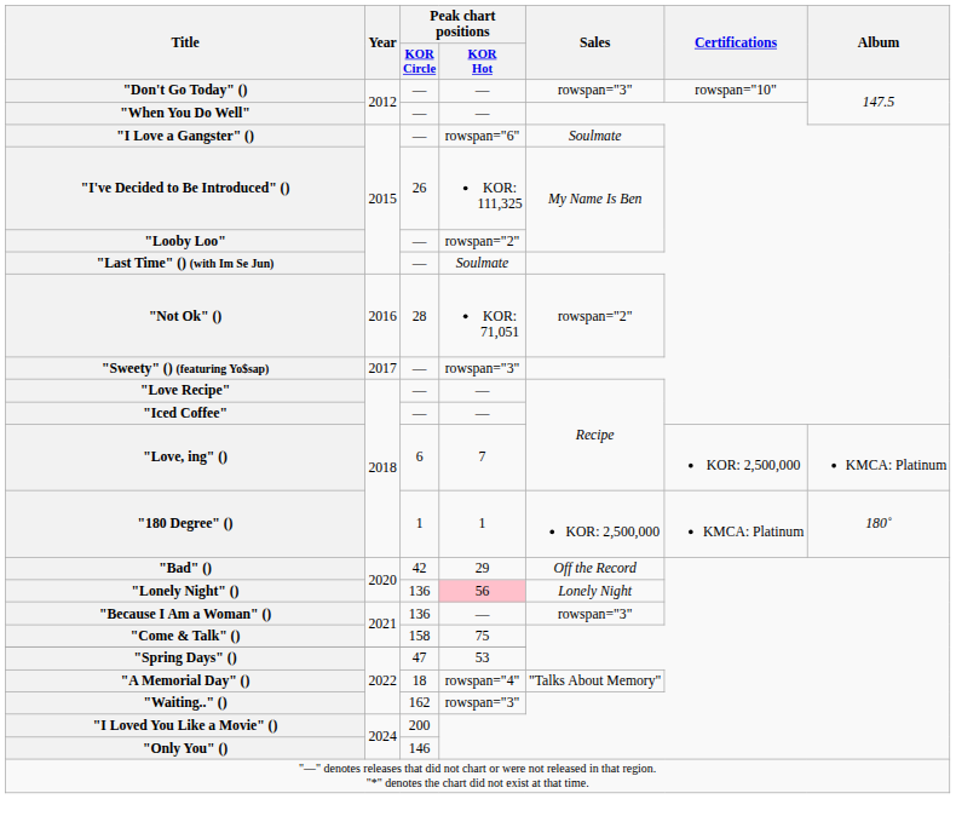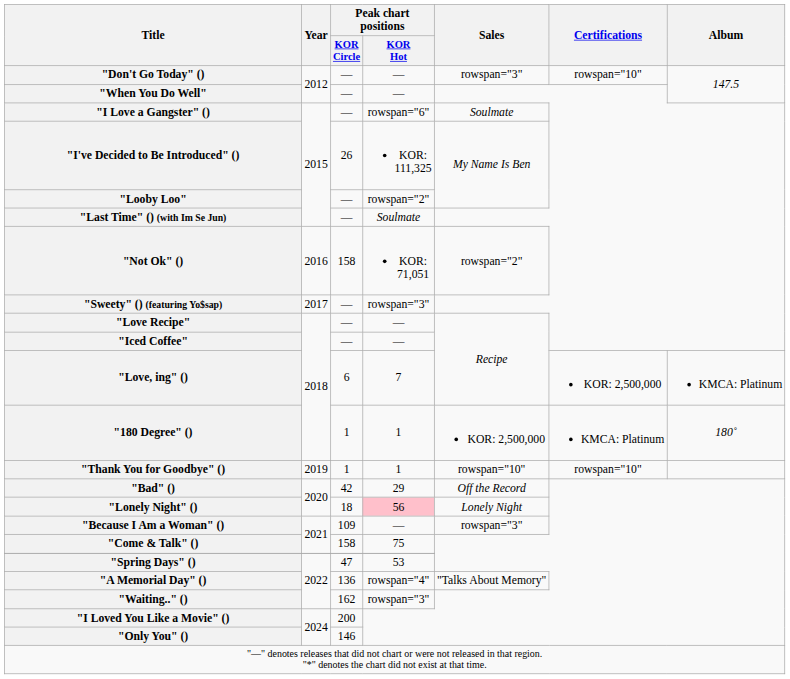 <table class="wikitable plainrowheaders" style="text-align:center">
 <tr>
 <th scope="col" rowspan="2" style="width:25em;">Title</th>
 <th scope="col" rowspan="2">Year</th>
 <th scope="col" colspan="2">Peak chart positions</th>
 <th scope="col" rowspan="2">Sales</th>
 <th scope="col" rowspan="2"><a href='#'>Certifications</a></th>
 <th scope="col" rowspan="2">Album</th>
 </tr>
 <tr>
 <th scope="col" style="width:2.5em;font-size:90%;"><a href='#'>KOR<br>Circle</a><br></th>
 <th scope="col" style="width:2.5em;font-size:90%;"><a href='#'>KOR<br>Hot</a></th>
 </tr>
 <tr>
 <th scope="row">"Don't Go Today" ()</th>
 <td rowspan="2">2012</td>
 <td>—</td>
 <td>—</td>
 <td>rowspan="3" </td>
 <td>rowspan="10" </td>
 <td rowspan="2"><em>147.5</em></td>
 </tr>
 <tr>
 <th scope="row">"When You Do Well"</th>
 <td>—</td>
 <td>—</td>
 </tr>
 <tr>
 <th scope="row">"I Love a Gangster" ()</th>
 <td rowspan="4">2015</td>
 <td>—</td>
 <td>rowspan="6" </td>
 <td><em>Soulmate</em></td>
 </tr>
 <tr>
 <th scope="row">"I've Decided to Be Introduced" ()</th>
 <td>26</td>
 <td><br><ul><li>KOR: 111,325</li></ul></td>
 <td rowspan="2"><em>My Name Is Ben</em></td>
 </tr>
 <tr>
 <th scope="row">"Looby Loo"</th>
 <td>—</td>
 <td>rowspan="2" </td>
 </tr>
 <tr>
 <th scope="row">"Last Time" () <small>(with Im Se Jun) </small></th>
 <td>—</td>
 <td><em>Soulmate</em></td>
 </tr>
 <tr>
 <th scope="row">"Not Ok" ()</th>
 <td>2016</td>
-<td>28</td>
+<td>158</td>
 <td><br><ul><li>KOR: 71,051</li></ul></td>
 <td>rowspan="2" </td>
 </tr>
 <tr>
 <th scope="row">"Sweety" () <small>(featuring Yo$sap)</small></th>
 <td>2017</td>
 <td>—</td>
 <td>rowspan="3" </td>
 </tr>
 <tr>
 <th scope="row">"Love Recipe"</th>
 <td rowspan="4">2018</td>
 <td>—</td>
 <td>—</td>
 <td rowspan="3"><em>Recipe</em></td>
 </tr>
 <tr>
 <th scope="row">"Iced Coffee"</th>
 <td>—</td>
 <td>—</td>
 </tr>
 <tr>
 <th scope="row">"Love, ing" ()</th>
 <td>6</td>
 <td>7</td>
 <td><br><ul><li>KOR: 2,500,000</li></ul></td>
 <td><br><ul><li>KMCA: Platinum</li></ul></td>
 </tr>
 <tr>
 <th scope="row">"180 Degree" ()</th>
 <td>1</td>
 <td>1</td>
 <td><br><ul><li>KOR: 2,500,000</li></ul></td>
 <td><br><ul><li>KMCA: Platinum</li></ul></td>
 <td><em>180˚</em></td>
 </tr>
 <tr>
+<th scope="row">"Thank You for Goodbye" ()</th>
+<td>2019</td>
+<td>1</td>
+<td>1</td>
+<td>rowspan="10" </td>
+<td>rowspan="10" </td>
+<td></td>
+</tr>
+<tr>
 <th scope="row">"Bad" ()</th>
 <td rowspan="2">2020</td>
 <td>42</td>
 <td>29</td>
 <td><em>Off the Record</em></td>
 </tr>
 <tr>
 <th scope="row">"Lonely Night" ()</th>
-<td>136</td>
+<td>18</td>
 <td style="background: pink;">56</td>
 <td><em>Lonely Night</em></td>
 </tr>
 <tr>
 <th scope="row">"Because I Am a Woman" ()</th>
 <td rowspan="2">2021</td>
-<td>136</td>
+<td>109</td>
 <td>—</td>
 <td>rowspan="3" </td>
 </tr>
 <tr>
 <th scope="row">"Come & Talk" ()</th>
 <td>158</td>
 <td>75</td>
 </tr>
 <tr>
 </tr>
 <tr>
 <th scope="row">"Spring Days" ()</th>
 <td rowspan="3">2022</td>
 <td>47</td>
 <td>53</td>
 </tr>
 <tr>
 <th scope="row">"A Memorial Day" ()</th>
-<td>18</td>
+<td>136</td>
 <td>rowspan="4" </td>
 <td>"Talks About Memory"</td>
 </tr>
 <tr>
 <th scope="row">"Waiting.." ()</th>
 <td>162</td>
 <td>rowspan="3" </td>
 </tr>
 <tr>
 <th scope="row">"I Loved You Like a Movie" ()</th>
 <td rowspan="2">2024</td>
 <td>200</td>
 </tr>
 <tr>
 <th scope="row">"Only You" ()</th>
 <td>146</td>
 </tr>
 <tr>
 <td colspan="7" style="font-size:85%;">"—" denotes releases that did not chart or were not released in that region.<br>"*" denotes the chart did not exist at that time.</td>
 </tr>
 </table>
